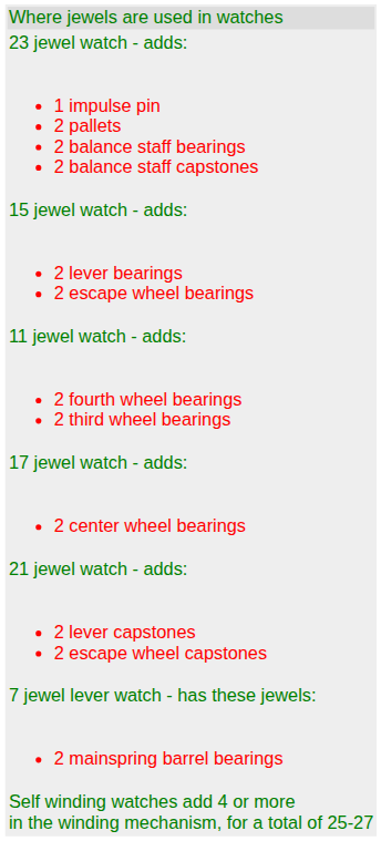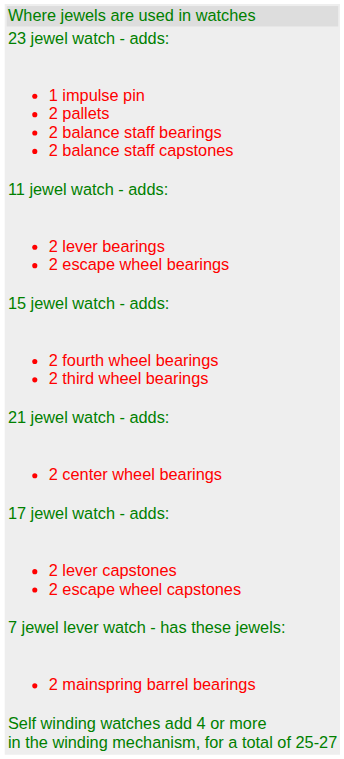 <table align="right"  style="background:#EEEEEE; color:green">
 <tr style="background:#DDDDDD">
 <td><span>Where jewels are used in watches</span></td>
 </tr>
 <tr>
 <td>23 jewel watch - adds:</td>
 </tr>
 <tr style="color:red">
 <td><br><ul><li>1 impulse pin</li><li>2 pallets</li><li>2 balance staff bearings</li><li>2 balance staff capstones</li></ul></td>
 </tr>
 <tr>
-<td>15 jewel watch - adds:</td>
+<td>11 jewel watch - adds:</td>
 </tr>
 <tr style="color:red">
 <td><br><ul><li>2 lever bearings</li><li>2 escape wheel bearings</li></ul></td>
 </tr>
 <tr>
-<td>11 jewel watch - adds:</td>
+<td>15 jewel watch - adds:</td>
 </tr>
 <tr style="color:red">
 <td><br><ul><li>2 fourth wheel bearings</li><li>2 third wheel bearings</li></ul></td>
 </tr>
 <tr>
-<td>17 jewel watch - adds:</td>
+<td>21 jewel watch - adds:</td>
 </tr>
 <tr style="color:red">
 <td><br><ul><li>2 center wheel bearings</li></ul></td>
 </tr>
 <tr>
-<td>21 jewel watch - adds:</td>
+<td>17 jewel watch - adds:</td>
 </tr>
 <tr style="color:red">
 <td><br><ul><li>2 lever capstones</li><li>2 escape wheel capstones</li></ul></td>
 </tr>
 <tr>
 <td>7 jewel lever watch - has these jewels:</td>
 </tr>
 <tr style="color:red">
 <td><br><ul><li>2 mainspring barrel bearings</li></ul></td>
 </tr>
 <tr>
 <td>Self winding watches add 4 or more<br>in the winding mechanism,  for a total of 25-27</td>
 </tr>
 </table>
